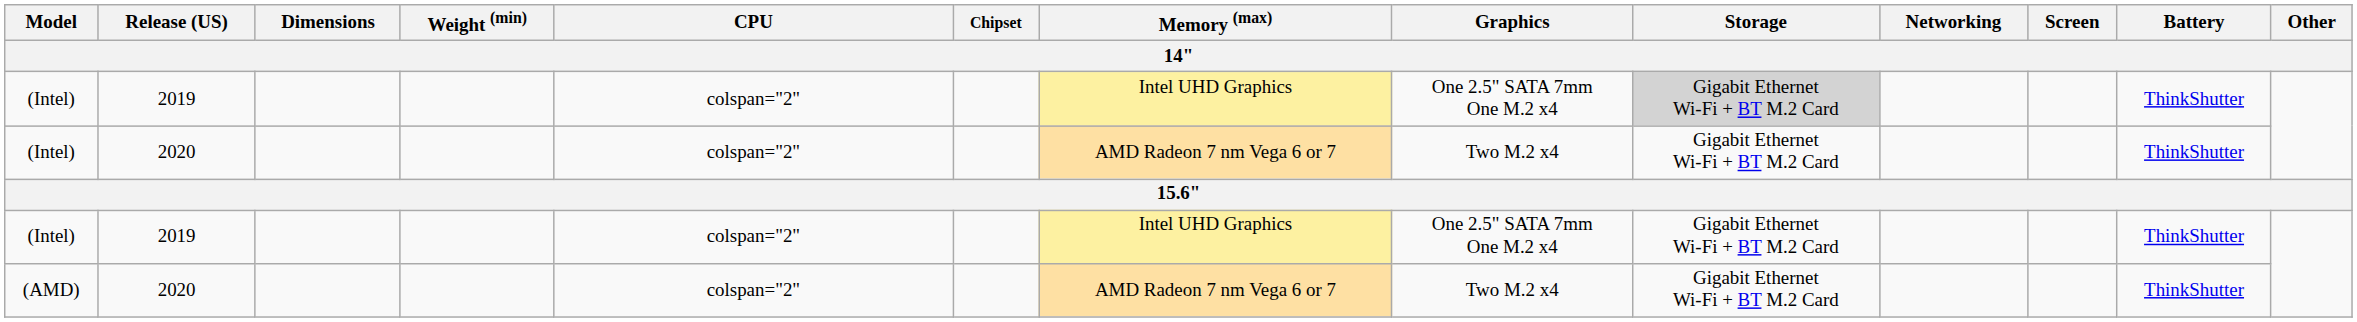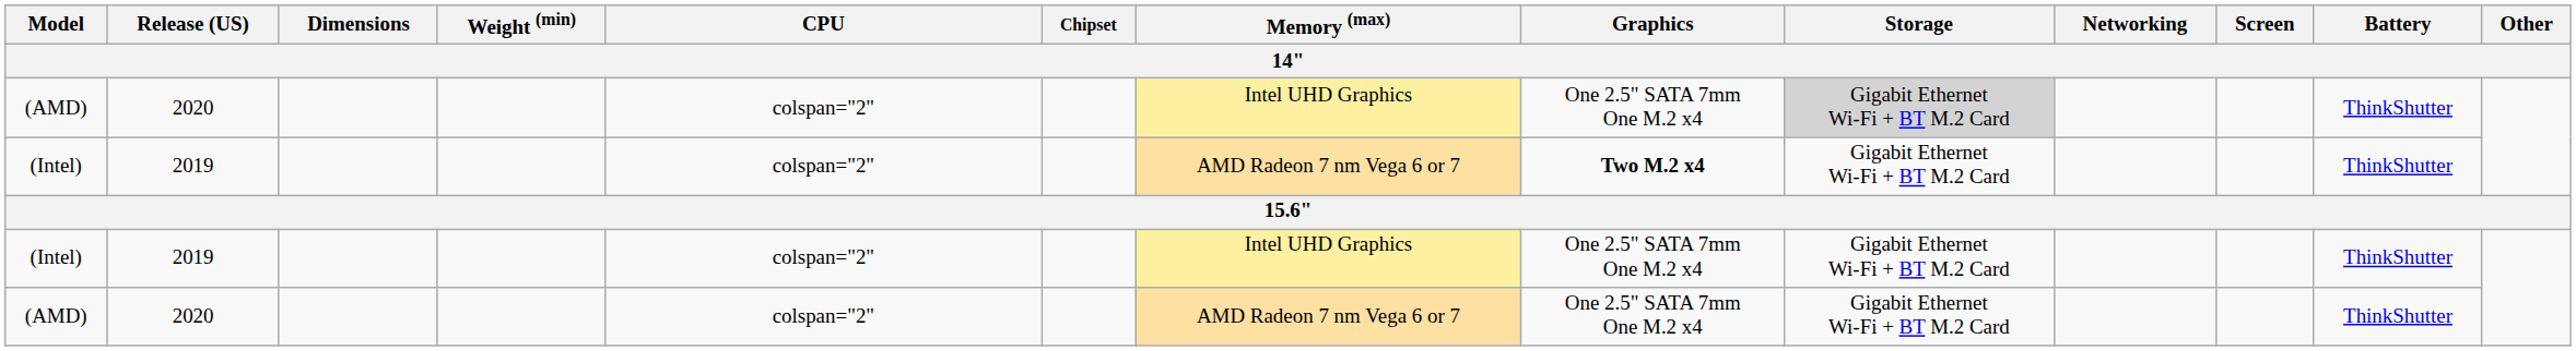 <table class="wikitable" style="font-size: 80%; text-align: center; min-width: 80%;">
 <tr>
 <th>Model</th>
 <th>Release (US)</th>
 <th>Dimensions</th>
 <th>Weight <sup>(min)</sup></th>
 <th style="width:17%">CPU</th>
 <th><small>Chipset</small></th>
 <th>Memory <sup>(max)</sup></th>
 <th>Graphics</th>
 <th>Storage</th>
 <th>Networking</th>
 <th>Screen</th>
 <th>Battery</th>
 <th>Other</th>
 </tr>
 <tr>
 <th colspan="13">14"</th>
 </tr>
 <tr>
-<td> (Intel)</td>
-<td>2019</td>
+<td> (AMD)</td>
+<td>2020</td>
 <td></td>
 <td></td>
 <td>colspan="2" </td>
 <td></td>
 <td style="background:#fdf1a1;">Intel UHD Graphics<br><br></td>
 <td style="background:">One 2.5" SATA 7mm<br>One M.2 x4</td>
 <td style="background: lightgrey;">Gigabit Ethernet<br>Wi-Fi + <a href='#'>BT</a> M.2 Card</td>
 <td></td>
 <td></td>
 <td><a href='#'>ThinkShutter</a><br></td>
 </tr>
 <tr>
 <td> (Intel)</td>
-<td>2020</td>
+<td>2019</td>
 <td></td>
 <td></td>
 <td>colspan="2" </td>
 <td></td>
 <td style="background:#fee0a3;">AMD Radeon 7 nm Vega 6 or 7</td>
-<td style="background:">Two M.2 x4</td>
+<td style="background:"><strong>Two M.2 x4</strong></td>
 <td>Gigabit Ethernet<br>Wi-Fi + <a href='#'>BT</a> M.2 Card</td>
 <td></td>
 <td></td>
 <td><a href='#'>ThinkShutter</a><br></td>
 </tr>
 <tr>
 <th colspan="13">15.6"</th>
 </tr>
 <tr>
 <td> (Intel)</td>
 <td>2019</td>
 <td></td>
 <td></td>
 <td>colspan="2" </td>
 <td></td>
 <td style="background:#fdf1a1;">Intel UHD Graphics<br><br></td>
 <td style="background:">One 2.5" SATA 7mm<br>One M.2 x4</td>
 <td>Gigabit Ethernet<br>Wi-Fi + <a href='#'>BT</a> M.2 Card</td>
 <td></td>
 <td></td>
 <td><a href='#'>ThinkShutter</a><br></td>
 </tr>
 <tr>
 <td> (AMD)</td>
 <td>2020</td>
 <td></td>
 <td></td>
 <td>colspan="2" </td>
 <td></td>
 <td style="background:#fee0a3;">AMD Radeon 7 nm Vega 6 or 7</td>
-<td style="background:">Two M.2 x4</td>
+<td style="background:">One 2.5" SATA 7mm<br>One M.2 x4</td>
 <td>Gigabit Ethernet<br>Wi-Fi + <a href='#'>BT</a> M.2 Card</td>
 <td></td>
 <td></td>
 <td><a href='#'>ThinkShutter</a><br></td>
 </tr>
 </table>
